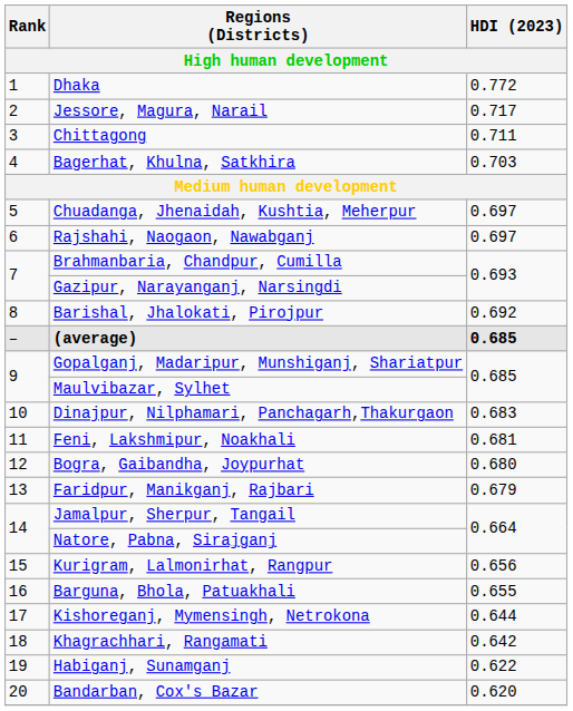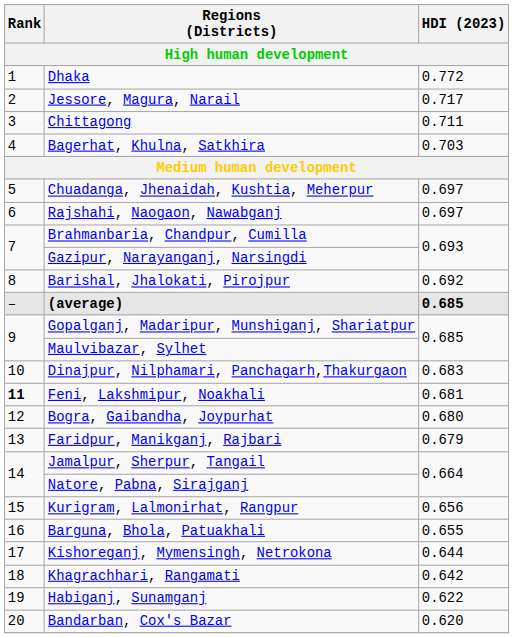 <table class="wikitable sortable">
 <tr>
 <th>Rank</th>
 <th>Regions<br>(Districts)</th>
 <th>HDI (2023)</th>
 </tr>
 <tr>
 <th colspan="3" style="color:#0c0;">High human development</th>
 </tr>
 <tr>
 <td>1</td>
 <td><a href='#'>Dhaka</a></td>
 <td>0.772</td>
 </tr>
 <tr>
 <td>2</td>
 <td><a href='#'>Jessore</a>, <a href='#'>Magura</a>, <a href='#'>Narail</a></td>
 <td>0.717</td>
 </tr>
 <tr>
 <td>3</td>
 <td><a href='#'>Chittagong</a></td>
 <td>0.711</td>
 </tr>
 <tr>
 <td>4</td>
 <td><a href='#'>Bagerhat</a>, <a href='#'>Khulna</a>, <a href='#'>Satkhira</a></td>
 <td>0.703</td>
 </tr>
 <tr>
 <th colspan="3" style="color:#fc0;">Medium human development</th>
 </tr>
 <tr>
 <td>5</td>
 <td><a href='#'>Chuadanga</a>, <a href='#'>Jhenaidah</a>, <a href='#'>Kushtia</a>, <a href='#'>Meherpur</a></td>
 <td>0.697</td>
 </tr>
 <tr>
 <td>6</td>
 <td><a href='#'>Rajshahi</a>, <a href='#'>Naogaon</a>, <a href='#'>Nawabganj</a></td>
 <td>0.697</td>
 </tr>
 <tr>
 <td rowspan="2">7</td>
 <td><a href='#'>Brahmanbaria</a>, <a href='#'>Chandpur</a>, <a href='#'>Cumilla</a></td>
 <td rowspan="2">0.693</td>
 </tr>
 <tr>
 <td><a href='#'>Gazipur</a>, <a href='#'>Narayanganj</a>, <a href='#'>Narsingdi</a></td>
 </tr>
 <tr>
 <td>8</td>
 <td><a href='#'>Barishal</a>, <a href='#'>Jhalokati</a>, <a href='#'>Pirojpur</a></td>
 <td>0.692</td>
 </tr>
 <tr style="background:#e6e6e6">
 <td>–</td>
 <td><strong> (average)</strong></td>
 <td><strong>0.685</strong></td>
 </tr>
 <tr>
 <td rowspan="2">9</td>
 <td><a href='#'>Gopalganj</a>, <a href='#'>Madaripur</a>, <a href='#'>Munshiganj</a>, <a href='#'>Shariatpur</a></td>
 <td rowspan="2">0.685</td>
 </tr>
 <tr>
 <td><a href='#'>Maulvibazar</a>, <a href='#'>Sylhet</a></td>
 </tr>
 <tr>
 <td>10</td>
 <td><a href='#'>Dinajpur</a>, <a href='#'>Nilphamari</a>, <a href='#'>Panchagarh</a>,<a href='#'>Thakurgaon</a></td>
 <td>0.683</td>
 </tr>
 <tr>
-<td>11</td>
+<td><strong>11</strong></td>
 <td><a href='#'>Feni</a>, <a href='#'>Lakshmipur</a>, <a href='#'>Noakhali</a></td>
 <td>0.681</td>
 </tr>
 <tr>
 <td>12</td>
 <td><a href='#'>Bogra</a>, <a href='#'>Gaibandha</a>, <a href='#'>Joypurhat</a></td>
 <td>0.680</td>
 </tr>
 <tr>
 <td>13</td>
 <td><a href='#'>Faridpur</a>, <a href='#'>Manikganj</a>, <a href='#'>Rajbari</a></td>
 <td>0.679</td>
 </tr>
 <tr>
 <td rowspan="2">14</td>
 <td><a href='#'>Jamalpur</a>, <a href='#'>Sherpur</a>, <a href='#'>Tangail</a></td>
 <td rowspan="2">0.664</td>
 </tr>
 <tr>
 <td><a href='#'>Natore</a>, <a href='#'>Pabna</a>, <a href='#'>Sirajganj</a></td>
 </tr>
 <tr>
 <td>15</td>
 <td><a href='#'>Kurigram</a>, <a href='#'>Lalmonirhat</a>, <a href='#'>Rangpur</a></td>
 <td>0.656</td>
 </tr>
 <tr>
 <td>16</td>
 <td><a href='#'>Barguna</a>, <a href='#'>Bhola</a>, <a href='#'>Patuakhali</a></td>
 <td>0.655</td>
 </tr>
 <tr>
 <td>17</td>
 <td><a href='#'>Kishoreganj</a>, <a href='#'>Mymensingh</a>, <a href='#'>Netrokona</a></td>
 <td>0.644</td>
 </tr>
 <tr>
 <td>18</td>
 <td><a href='#'>Khagrachhari</a>, <a href='#'>Rangamati</a></td>
 <td>0.642</td>
 </tr>
 <tr>
 <td>19</td>
 <td><a href='#'>Habiganj</a>, <a href='#'>Sunamganj</a></td>
 <td>0.622</td>
 </tr>
 <tr>
 <td>20</td>
 <td><a href='#'>Bandarban</a>, <a href='#'>Cox's Bazar</a></td>
 <td>0.620</td>
 </tr>
 <tr>
 </tr>
 </table>
